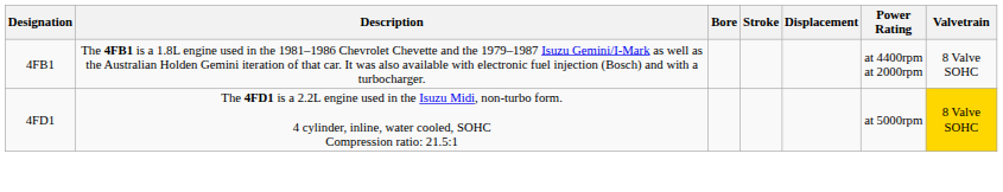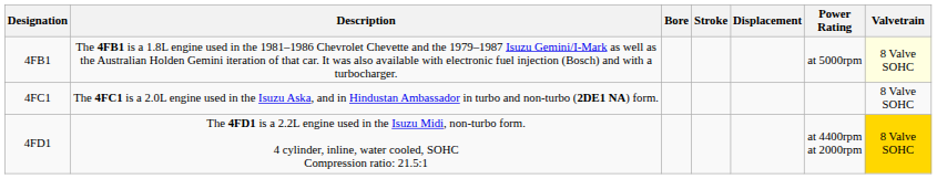 <table class="wikitable" style="text-align: center;">
 <tr>
 <th>Designation</th>
 <th>Description</th>
 <th>Bore</th>
 <th>Stroke</th>
 <th>Displacement</th>
 <th>Power Rating</th>
 <th>Valvetrain</th>
 </tr>
 <tr>
 <td>4FB1</td>
 <td>The <strong>4FB1</strong> is a 1.8L engine used in the 1981–1986 Chevrolet Chevette and the 1979–1987 <a href='#'>Isuzu Gemini/I-Mark</a> as well as the Australian Holden Gemini iteration of that car. It was also available with electronic fuel injection (Bosch) and with a turbocharger.<br></td>
 <td></td>
 <td></td>
 <td></td>
-<td> at 4400rpm <br>  at 2000rpm</td>
+<td> at 5000rpm <br> </td>
+<td style="background: lightyellow;">8 Valve SOHC</td>
+</tr>
+<tr>
+<td>4FC1</td>
+<td>The <strong>4FC1</strong> is a 2.0L engine used in the <a href='#'>Isuzu Aska</a>, and in <a href='#'>Hindustan Ambassador</a> in turbo and non-turbo (<strong>2DE1 NA</strong>) form.</td>
+<td></td>
+<td></td>
+<td></td>
+<td></td>
 <td>8 Valve SOHC</td>
 </tr>
 <tr>
 <td>4FD1</td>
 <td>The <strong>4FD1</strong> is a 2.2L engine used in the <a href='#'>Isuzu Midi</a>, non-turbo form.<br><br> 4 cylinder, inline, water cooled, SOHC <br> Compression ratio: 21.5:1</td>
 <td></td>
 <td></td>
 <td></td>
-<td> at 5000rpm <br> </td>
+<td> at 4400rpm <br>  at 2000rpm</td>
 <td style="background: gold;">8 Valve SOHC</td>
 </tr>
 </table>
